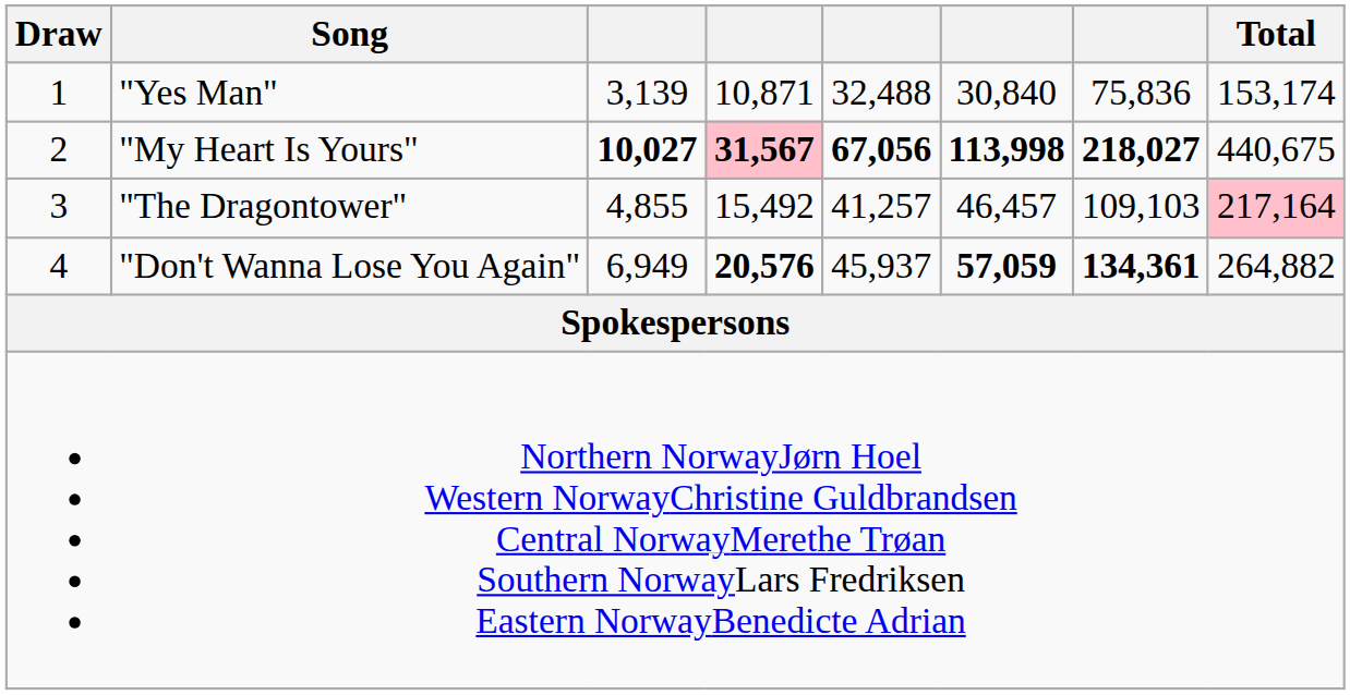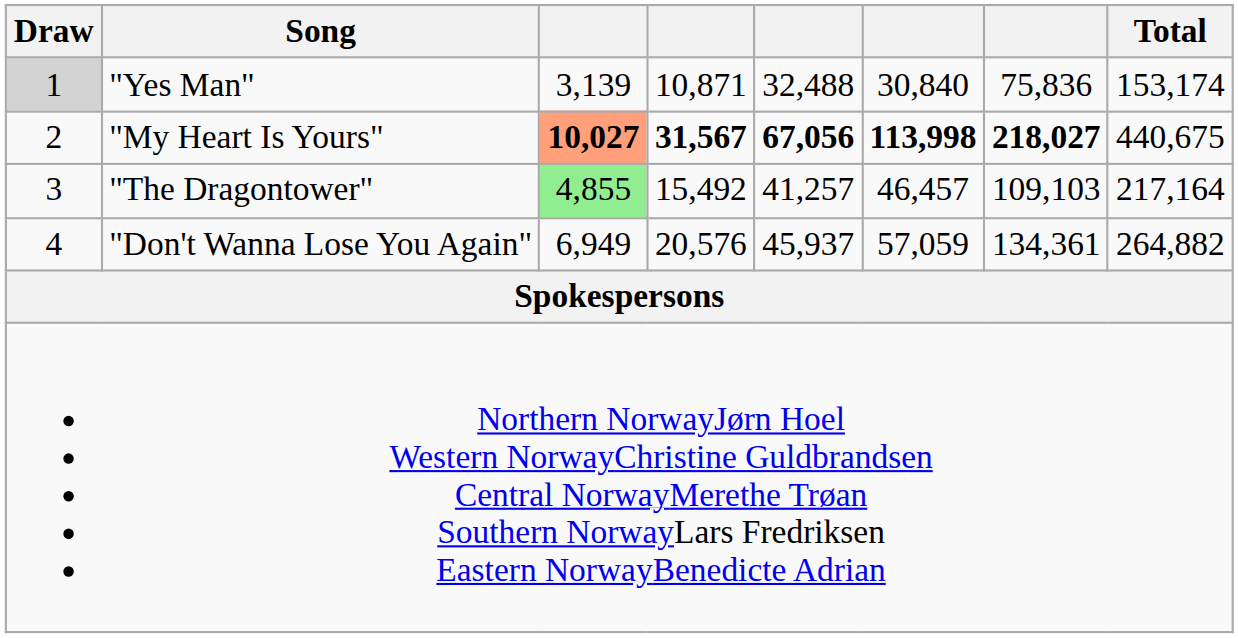 <table class="wikitable collapsible" style="margin: 1em auto 1em auto; text-align:center;">
 <tr>
 <th>Draw</th>
 <th>Song</th>
 <th><abbr></abbr></th>
 <th><abbr></abbr></th>
 <th><abbr></abbr></th>
 <th><abbr></abbr></th>
 <th><abbr></abbr></th>
 <th>Total</th>
 </tr>
 <tr>
-<td>1</td>
+<td style="background: lightgrey;">1</td>
 <td style="text-align:left;">"Yes Man"</td>
 <td>3,139</td>
 <td>10,871</td>
 <td>32,488</td>
 <td>30,840</td>
 <td>75,836</td>
 <td>153,174</td>
 </tr>
 <tr>
 <td>2</td>
 <td style="text-align:left;">"My Heart Is Yours"</td>
-<td><strong>10,027</strong></td>
-<td style="background: pink;"><strong>31,567</strong></td>
+<td style="background: lightsalmon;"><strong>10,027</strong></td>
+<td><strong>31,567</strong></td>
 <td><strong>67,056</strong></td>
 <td><strong>113,998</strong></td>
 <td><strong>218,027</strong></td>
 <td>440,675</td>
 </tr>
 <tr>
 <td>3</td>
 <td style="text-align:left;">"The Dragontower"</td>
-<td>4,855</td>
+<td style="background: lightgreen;">4,855</td>
 <td>15,492</td>
 <td>41,257</td>
 <td>46,457</td>
 <td>109,103</td>
-<td style="background: pink;">217,164</td>
+<td>217,164</td>
 </tr>
 <tr>
 <td>4</td>
 <td style="text-align:left;">"Don't Wanna Lose You Again"</td>
 <td>6,949</td>
-<td><strong>20,576</strong></td>
+<td>20,576</td>
 <td>45,937</td>
-<td><strong>57,059</strong></td>
-<td><strong>134,361</strong></td>
+<td>57,059</td>
+<td>134,361</td>
 <td>264,882</td>
 </tr>
 <tr>
 <th colspan="8">Spokespersons</th>
 </tr>
 <tr>
 <td colspan="8"><br><ul><li><a href='#'>Northern Norway</a><a href='#'>Jørn Hoel</a></li><li><a href='#'>Western Norway</a><a href='#'>Christine Guldbrandsen</a></li><li><a href='#'>Central Norway</a><a href='#'>Merethe Trøan</a></li><li><a href='#'>Southern Norway</a>Lars Fredriksen</li><li><a href='#'>Eastern Norway</a><a href='#'>Benedicte Adrian</a></li></ul></td>
 </tr>
 </table>
